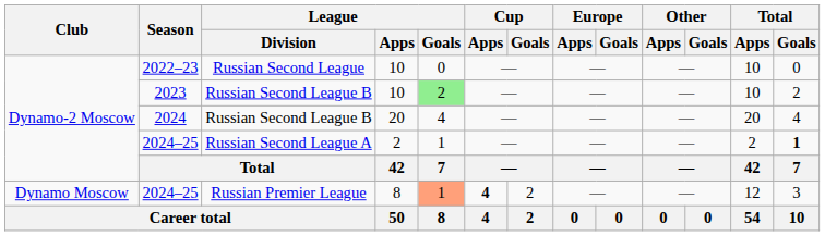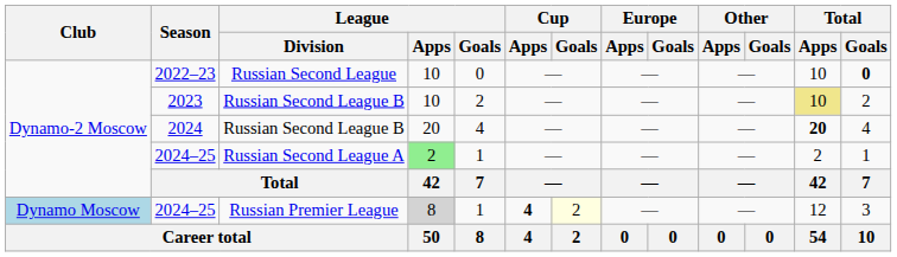 <table class="wikitable" style="text-align: center;">
 <tr>
 <th rowspan="2">Club</th>
 <th rowspan="2">Season</th>
 <th colspan="3">League</th>
 <th colspan="2">Cup</th>
 <th colspan="2">Europe</th>
 <th colspan="2">Other</th>
 <th colspan="2">Total</th>
 </tr>
 <tr>
 <th>Division</th>
 <th>Apps</th>
 <th>Goals</th>
 <th>Apps</th>
 <th>Goals</th>
 <th>Apps</th>
 <th>Goals</th>
 <th>Apps</th>
 <th>Goals</th>
 <th>Apps</th>
 <th>Goals</th>
 </tr>
 <tr>
 <td rowspan="5"><a href='#'>Dynamo-2 Moscow</a></td>
 <td><a href='#'>2022–23</a></td>
 <td><a href='#'>Russian Second League</a></td>
 <td>10</td>
 <td>0</td>
 <td colspan="2">—</td>
 <td colspan="2">—</td>
 <td colspan="2">—</td>
 <td>10</td>
-<td>0</td>
+<td><strong>0</strong></td>
 </tr>
 <tr>
 <td><a href='#'>2023</a></td>
 <td><a href='#'>Russian Second League B</a></td>
 <td>10</td>
-<td style="background: lightgreen;">2</td>
+<td>2</td>
 <td colspan="2">—</td>
 <td colspan="2">—</td>
 <td colspan="2">—</td>
-<td>10</td>
+<td style="background: khaki;">10</td>
 <td>2</td>
 </tr>
 <tr>
 <td><a href='#'>2024</a></td>
 <td>Russian Second League B</td>
 <td>20</td>
 <td>4</td>
 <td colspan="2">—</td>
 <td colspan="2">—</td>
 <td colspan="2">—</td>
-<td>20</td>
+<td><strong>20</strong></td>
 <td>4</td>
 </tr>
 <tr>
 <td><a href='#'>2024–25</a></td>
 <td><a href='#'>Russian Second League A</a></td>
-<td>2</td>
+<td style="background: lightgreen;">2</td>
 <td>1</td>
 <td colspan="2">—</td>
 <td colspan="2">—</td>
 <td colspan="2">—</td>
 <td>2</td>
-<td><strong>1</strong></td>
+<td>1</td>
 </tr>
 <tr>
 <th colspan="2">Total</th>
 <th>42</th>
 <th>7</th>
 <th colspan="2">—</th>
 <th colspan="2">—</th>
 <th colspan="2">—</th>
 <th>42</th>
 <th>7</th>
 </tr>
 <tr>
-<td><a href='#'>Dynamo Moscow</a></td>
+<td style="background: lightblue;"><a href='#'>Dynamo Moscow</a></td>
 <td><a href='#'>2024–25</a></td>
 <td><a href='#'>Russian Premier League</a></td>
-<td>8</td>
-<td style="background: lightsalmon;">1</td>
+<td style="background: lightgrey;">8</td>
+<td>1</td>
 <td><strong>4</strong></td>
-<td>2</td>
+<td style="background: lightyellow;">2</td>
 <td colspan="2">—</td>
 <td colspan="2">—</td>
 <td>12</td>
 <td>3</td>
 </tr>
 <tr>
 <th colspan="3">Career total</th>
 <th>50</th>
 <th>8</th>
 <th>4</th>
 <th>2</th>
 <th>0</th>
 <th>0</th>
 <th>0</th>
 <th>0</th>
 <th>54</th>
 <th>10</th>
 </tr>
 </table>
